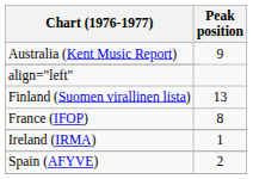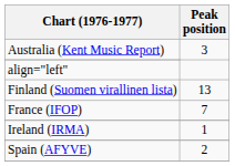 <table class="wikitable sortable">
 <tr>
 <th>Chart (1976-1977)</th>
 <th>Peak<br>position</th>
 </tr>
 <tr>
 <td>Australia (<a href='#'>Kent Music Report</a>)</td>
-<td align="center">9</td>
+<td align="center">3</td>
 </tr>
 <tr>
 </tr>
 <tr>
 <td>align="left"</td>
 </tr>
 <tr>
 <td>Finland (<a href='#'>Suomen virallinen lista</a>)</td>
 <td align="center">13</td>
 </tr>
 <tr>
 <td>France (<a href='#'>IFOP</a>)</td>
-<td align="center">8</td>
+<td align="center">7</td>
 </tr>
 <tr>
 </tr>
 <tr>
 <td>Ireland (<a href='#'>IRMA</a>)</td>
 <td align="center">1</td>
 </tr>
 <tr>
 </tr>
 <tr>
 </tr>
 <tr>
 </tr>
 <tr>
 <td>Spain (<a href='#'>AFYVE</a>)</td>
 <td align="center">2</td>
 </tr>
 <tr>
 </tr>
 <tr>
 </tr>
 </table>
